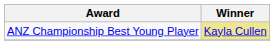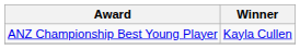 <table class="wikitable collapsible">
 <tr>
 <th>Award</th>
 <th>Winner</th>
 </tr>
 <tr>
 <td><a href='#'>ANZ Championship Best Young Player</a></td>
-<td style="background: khaki;"><a href='#'>Kayla Cullen</a></td>
+<td><a href='#'>Kayla Cullen</a></td>
 </tr>
 <tr>
 </tr>
 </table>
